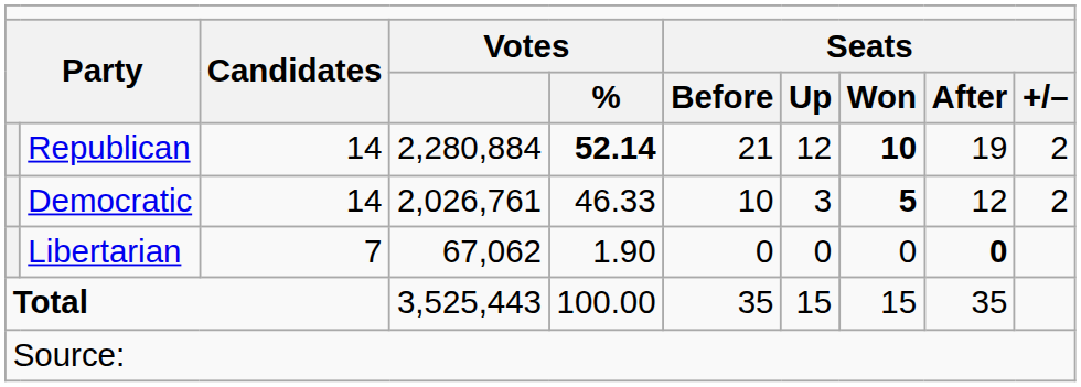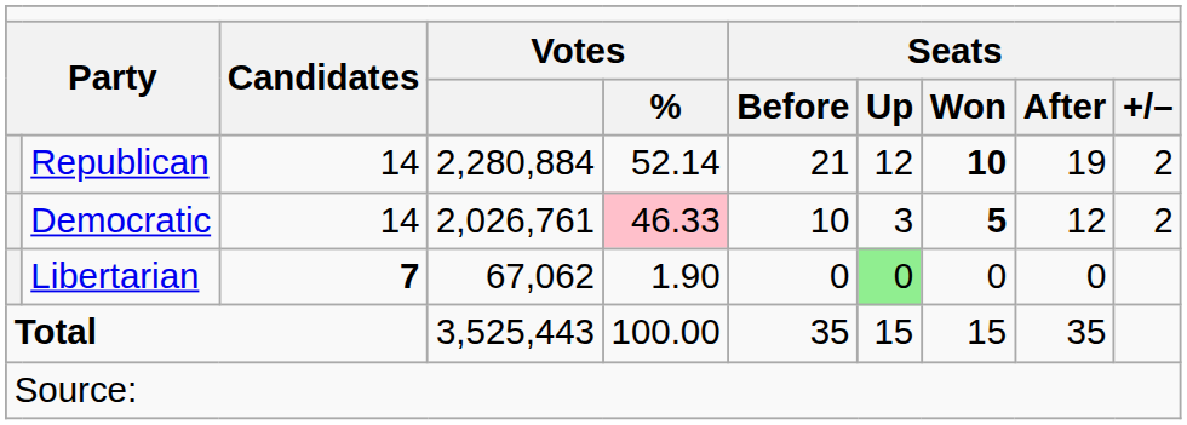 <table class="wikitable">
 <tr>
 <td colspan=15 align=center></td>
 </tr>
 <tr>
 <th rowspan="2" colspan="2">Party</th>
 <th rowspan="2">Candidates</th>
 <th colspan="2">Votes</th>
 <th colspan="5">Seats</th>
 </tr>
 <tr>
 <th></th>
 <th>%</th>
 <th>Before</th>
 <th>Up</th>
 <th>Won</th>
 <th>After</th>
 <th>+/–</th>
 </tr>
 <tr>
 <th style="background-color:"></th>
 <td><a href='#'>Republican</a></td>
 <td align="right">14</td>
 <td align="right">2,280,884</td>
-<td align="right"><strong>52.14</strong></td>
+<td align="right">52.14</td>
 <td align="right">21</td>
 <td align="right">12</td>
 <td align="right"><strong>10</strong></td>
 <td align="right">19</td>
 <td align="right">2</td>
 </tr>
 <tr>
 <th style="background-color:"></th>
 <td><a href='#'>Democratic</a></td>
 <td align="right">14</td>
 <td align="right">2,026,761</td>
-<td align="right">46.33</td>
+<td align="right" style="background: pink;">46.33</td>
 <td align="right">10</td>
 <td align="right">3</td>
 <td align="right"><strong>5</strong></td>
 <td align="right">12</td>
 <td align="right">2</td>
 </tr>
 <tr>
 <th style="background-color:"></th>
 <td><a href='#'>Libertarian</a></td>
-<td align="right">7</td>
+<td align="right"><strong>7</strong></td>
 <td align="right">67,062</td>
 <td align="right">1.90</td>
 <td align="right">0</td>
+<td align="right" style="background: lightgreen;">0</td>
 <td align="right">0</td>
 <td align="right">0</td>
-<td align="right"><strong>0</strong></td>
 <td align="right"></td>
 </tr>
 <tr>
 <td colspan="3" align="left"><strong>Total</strong></td>
 <td align="right">3,525,443</td>
 <td align="right">100.00</td>
 <td align="right">35</td>
 <td align="right">15</td>
 <td align="right">15</td>
 <td align="right">35</td>
 <td align="right"></td>
 </tr>
 <tr>
 <td colspan="10">Source:</td>
 </tr>
 </table>
